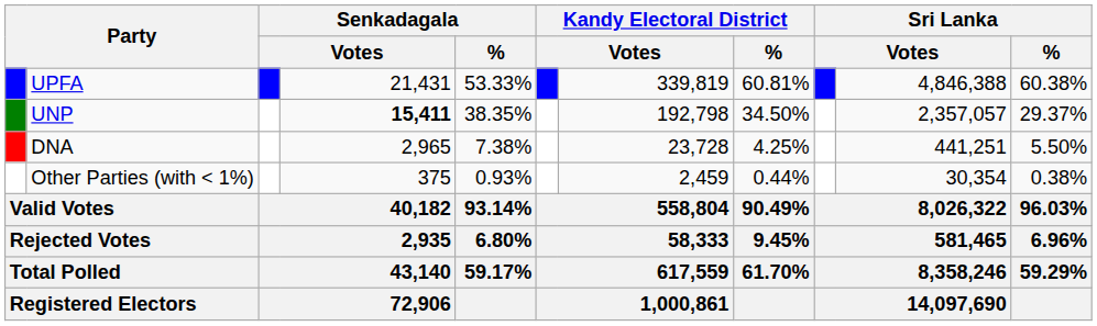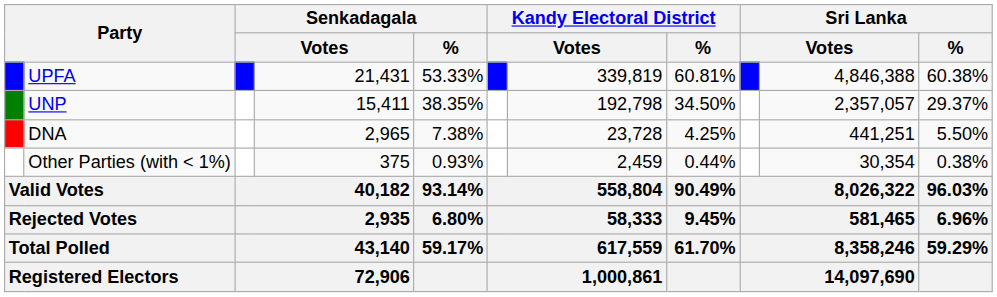 <table class="wikitable">
 <tr>
 <th colspan="2" width="144px"rowspan="2">Party</th>
 <th colspan="3" width="216px">Senkadagala</th>
 <th colspan="3" width="216px"><a href='#'>Kandy Electoral District</a></th>
 <th colspan="3" width="216px">Sri Lanka</th>
 </tr>
 <tr>
 <th colspan="2" width="144px">Votes</th>
 <th>%</th>
 <th colspan="2" width="144px">Votes</th>
 <th>%</th>
 <th colspan="2" width="144px">Votes</th>
 <th>%</th>
 </tr>
 <tr>
 <td style="background-color:blue;" width="10px"></td>
 <td style="text-align:left;"><a href='#'>UPFA</a></td>
 <td style="background-color:blue;" width="10px"></td>
 <td style="text-align:right;">21,431</td>
 <td style="text-align:right;">53.33%</td>
 <td style="background-color:blue;" width="10px"></td>
 <td style="text-align:right;">339,819</td>
 <td style="text-align:right;">60.81%</td>
 <td style="background-color:blue;" width="10px"></td>
 <td style="text-align:right;">4,846,388</td>
 <td style="text-align:right;">60.38%</td>
 </tr>
 <tr>
 <td style="background-color:green;" width="10px"></td>
 <td style="text-align:left;"><a href='#'>UNP</a></td>
 <td style="background-color:white;" width="10px"></td>
-<td style="text-align:right;"><strong>15,411</strong></td>
+<td style="text-align:right;">15,411</td>
 <td style="text-align:right;">38.35%</td>
 <td style="background-color:white;" width="10px"></td>
 <td style="text-align:right;">192,798</td>
 <td style="text-align:right;">34.50%</td>
 <td style="background-color:white;" width="10px"></td>
 <td style="text-align:right;">2,357,057</td>
 <td style="text-align:right;">29.37%</td>
 </tr>
 <tr>
 <td style="background-color:red;" width="10px"></td>
 <td style="text-align:left;">DNA</td>
 <td style="background-color:white;" width="10px"></td>
 <td style="text-align:right;">2,965</td>
 <td style="text-align:right;">7.38%</td>
 <td style="background-color:white;" width="10px"></td>
 <td style="text-align:right;">23,728</td>
 <td style="text-align:right;">4.25%</td>
 <td style="background-color:white;" width="10px"></td>
 <td style="text-align:right;">441,251</td>
 <td style="text-align:right;">5.50%</td>
 </tr>
 <tr>
 <td style="background-color:white;" width="10px"></td>
 <td style="text-align:left;">Other Parties (with < 1%)</td>
 <td style="background-color:white;" width="10px"></td>
 <td style="text-align:right;">375</td>
 <td style="text-align:right;">0.93%</td>
 <td style="background-color:white;" width="10px"></td>
 <td style="text-align:right;">2,459</td>
 <td style="text-align:right;">0.44%</td>
 <td style="background-color:white;" width="10px"></td>
 <td style="text-align:right;">30,354</td>
 <td style="text-align:right;">0.38%</td>
 </tr>
 <tr>
 <th colspan="2" width="144px"style="text-align:left;">Valid Votes</th>
 <th style="text-align:right;"colspan="2" width="144px">40,182</th>
 <th style="text-align:right;">93.14%</th>
 <th style="text-align:right;"colspan="2" width="144px">558,804</th>
 <th style="text-align:right;">90.49%</th>
 <th style="text-align:right;"colspan="2" width="144px">8,026,322</th>
 <th style="text-align:right;">96.03%</th>
 </tr>
 <tr>
 <th colspan="2" width="144px"style="text-align:left;">Rejected Votes</th>
 <th style="text-align:right;"colspan="2" width="144px">2,935</th>
 <th style="text-align:right;">6.80%</th>
 <th style="text-align:right;"colspan="2" width="144px">58,333</th>
 <th style="text-align:right;">9.45%</th>
 <th style="text-align:right;"colspan="2" width="144px">581,465</th>
 <th style="text-align:right;">6.96%</th>
 </tr>
 <tr>
 <th colspan="2" width="144px"style="text-align:left;">Total Polled</th>
 <th style="text-align:right;"colspan="2" width="144px">43,140</th>
 <th style="text-align:right;">59.17%</th>
 <th style="text-align:right;"colspan="2" width="144px">617,559</th>
 <th style="text-align:right;">61.70%</th>
 <th style="text-align:right;"colspan="2" width="144px">8,358,246</th>
 <th style="text-align:right;">59.29%</th>
 </tr>
 <tr>
 <th colspan="2" width="144px"style="text-align:left;">Registered Electors</th>
 <th style="text-align:right;"colspan="2" width="144px">72,906</th>
 <th></th>
 <th style="text-align:right;"colspan="2" width="144px">1,000,861</th>
 <th></th>
 <th style="text-align:right;"colspan="2" width="144px">14,097,690</th>
 <th></th>
 </tr>
 </table>
